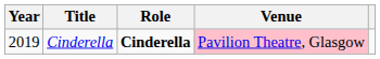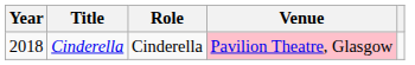 <table class="wikitable">
 <tr>
 <th>Year</th>
 <th>Title</th>
 <th>Role</th>
 <th>Venue</th>
 <th></th>
 </tr>
 <tr>
-<td>2019</td>
+<td>2018</td>
 <td><em><a href='#'>Cinderella</a></em></td>
-<td><strong>Cinderella</strong></td>
+<td>Cinderella</td>
 <td style="background: pink;"><a href='#'>Pavilion Theatre</a>, Glasgow</td>
 <td></td>
 </tr>
 </table>
